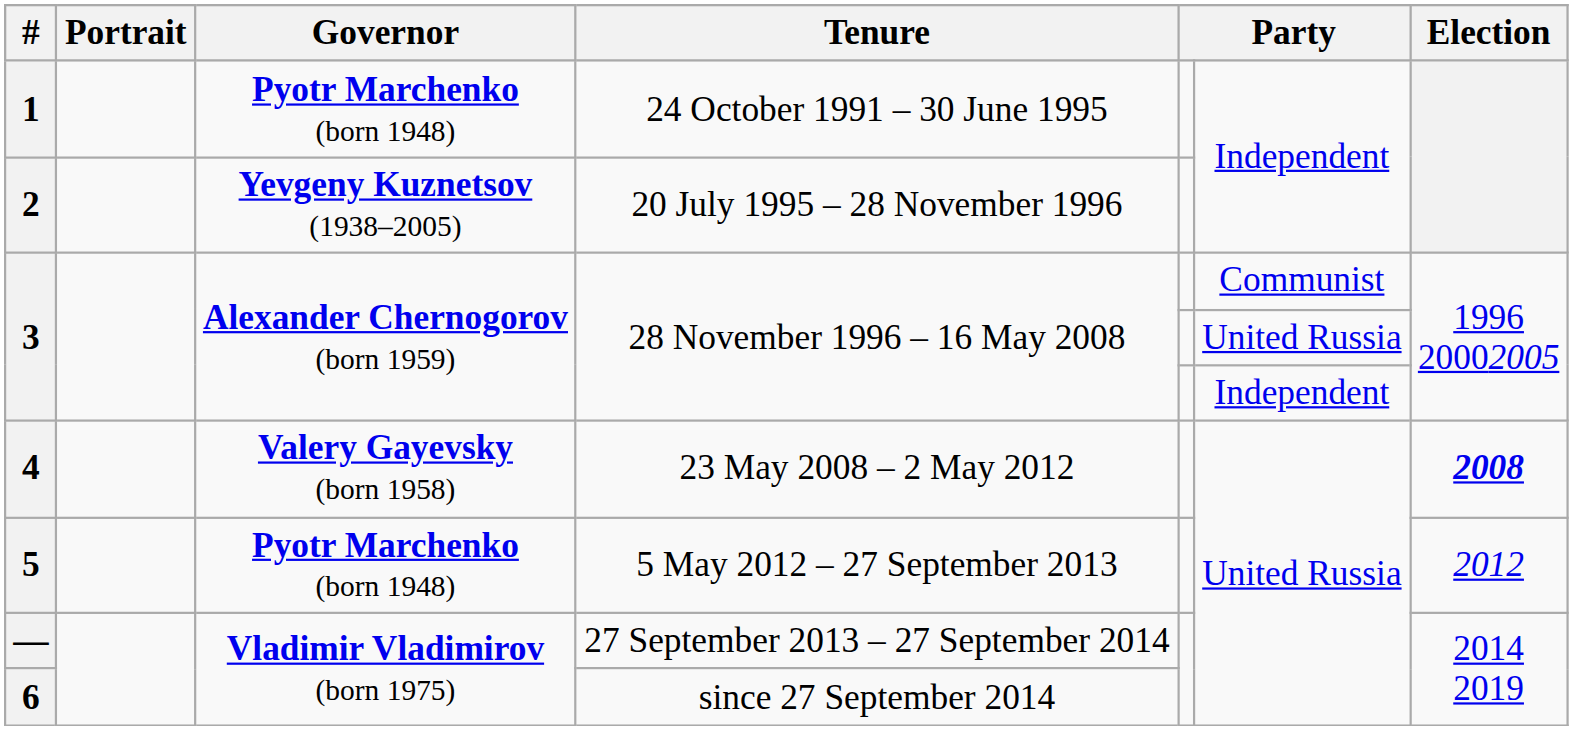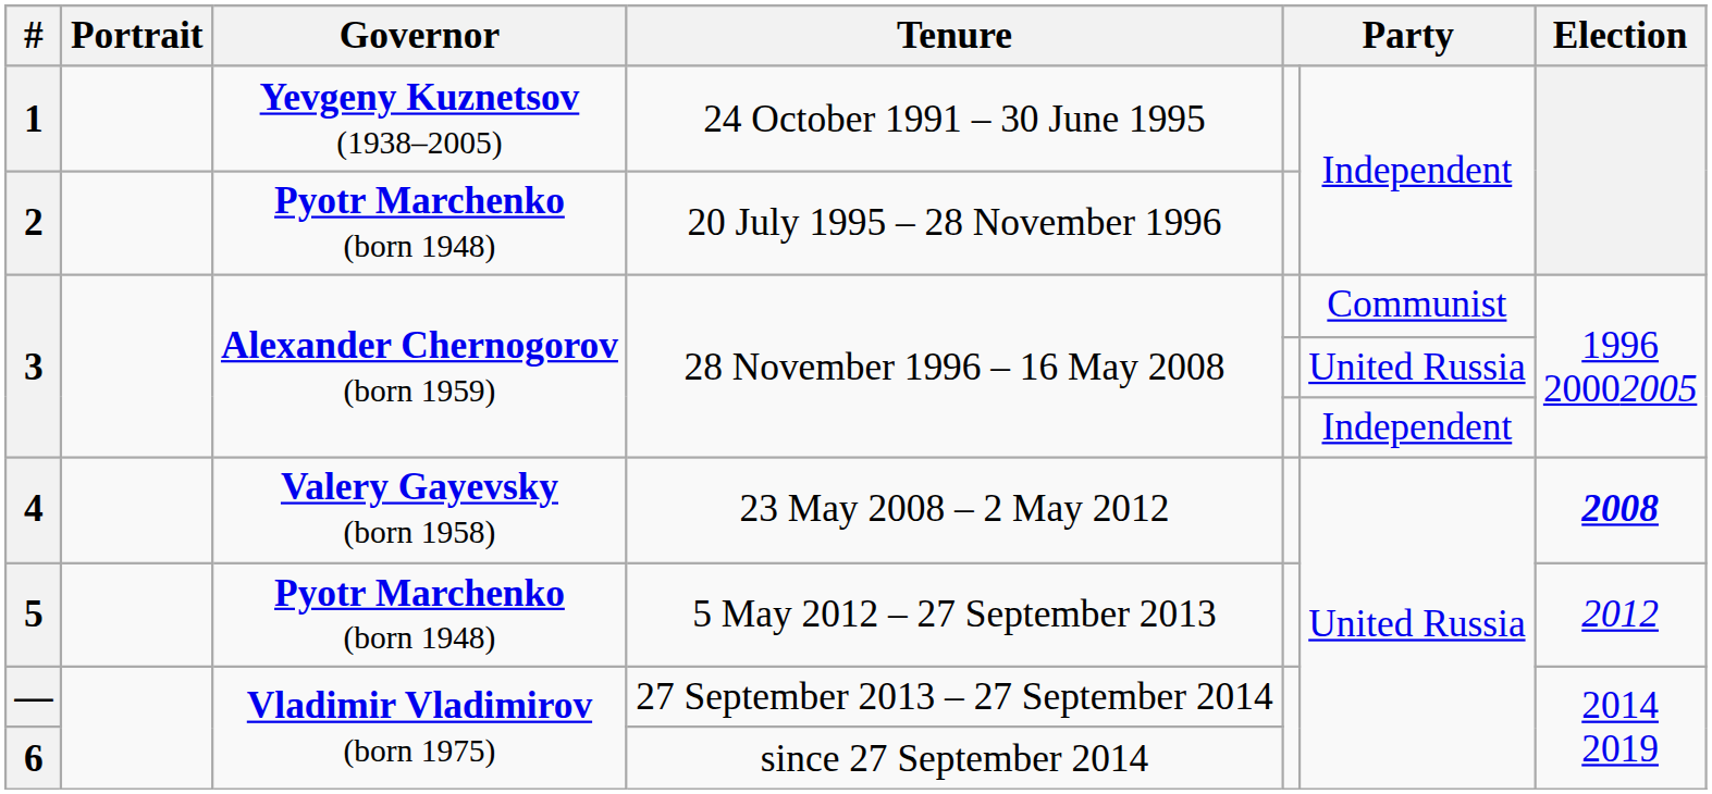 <table class="wikitable" style="text-align:center">
 <tr style="background:#cccccc" bgcolor=#E6E6AA>
 <th>#</th>
 <th>Portrait</th>
 <th>Governor</th>
 <th>Tenure</th>
 <th colspan=2>Party</th>
 <th>Election</th>
 </tr>
 <tr>
 <th>1</th>
 <td></td>
-<td><strong><a href='#'>Pyotr Marchenko</a></strong><br><small>(born 1948)</small></td>
+<td><strong><a href='#'>Yevgeny Kuznetsov</a></strong><br><small>(1938–2005)</small></td>
 <td>24 October 1991 – 30 June 1995</td>
 <td style="background: "></td>
 <td rowspan=2><a href='#'>Independent</a></td>
 <th rowspan=2></th>
 </tr>
 <tr>
 <th>2</th>
 <td></td>
-<td><strong><a href='#'>Yevgeny Kuznetsov</a></strong><br><small>(1938–2005)</small></td>
+<td><strong><a href='#'>Pyotr Marchenko</a></strong><br><small>(born 1948)</small></td>
 <td>20 July 1995 – 28 November 1996</td>
 <td style="background: "></td>
 </tr>
 <tr>
 <th rowspan=3>3</th>
 <td rowspan=3></td>
 <td rowspan=3><strong><a href='#'>Alexander Chernogorov</a></strong><br><small>(born 1959)</small></td>
 <td rowspan=3>28 November 1996 – 16 May 2008</td>
 <td style="background: "></td>
 <td><a href='#'>Communist</a></td>
 <td rowspan=3><a href='#'>1996</a><br><a href='#'>2000</a><em><a href='#'>2005</a></em></td>
 </tr>
 <tr>
 <td style="background: "></td>
 <td><a href='#'>United Russia</a></td>
 </tr>
 <tr>
 <td style="background: "></td>
 <td><a href='#'>Independent</a></td>
 </tr>
 <tr>
 <th>4</th>
 <td></td>
 <td><strong><a href='#'>Valery Gayevsky</a></strong><br><small>(born 1958)</small></td>
 <td>23 May 2008 – 2 May 2012</td>
 <td style="background: "></td>
 <td rowspan=4><a href='#'>United Russia</a></td>
 <td><strong><em><a href='#'>2008</a></em></strong></td>
 </tr>
 <tr>
 <th>5</th>
 <td></td>
 <td><strong><a href='#'>Pyotr Marchenko</a></strong><br><small>(born 1948)</small></td>
 <td>5 May 2012 – 27 September 2013</td>
 <td style="background: "></td>
 <td><em><a href='#'>2012</a></em></td>
 </tr>
 <tr>
 <th>—</th>
 <td rowspan=2></td>
 <td rowspan=2><strong><a href='#'>Vladimir Vladimirov</a></strong><br><small>(born 1975)</small></td>
 <td>27 September 2013 – 27 September 2014</td>
 <td rowspan=2; style="background: "></td>
 <td rowspan=2><a href='#'>2014</a><br><a href='#'>2019</a></td>
 </tr>
 <tr>
 <th>6</th>
 <td>since 27 September 2014</td>
 </tr>
 </table>
